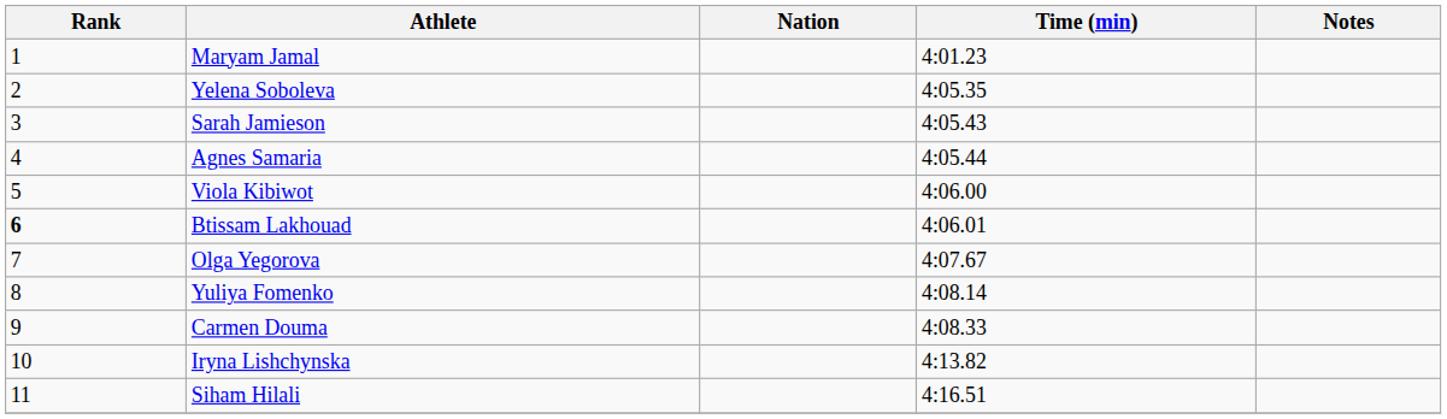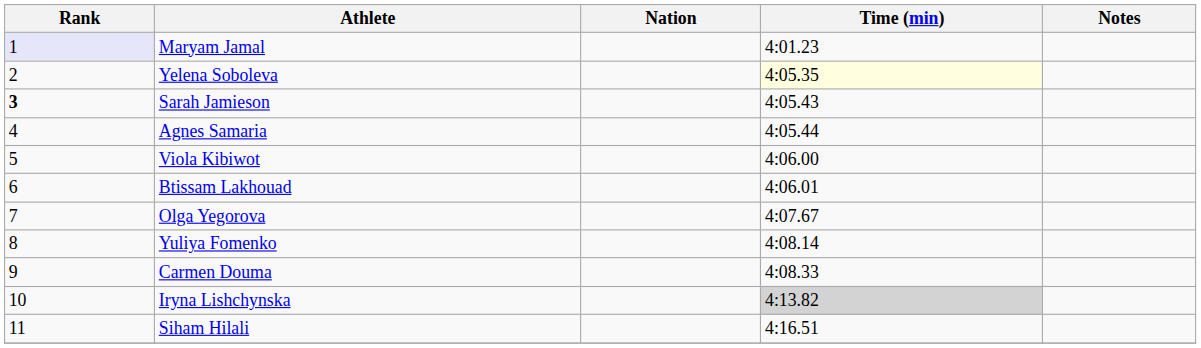 <table class="wikitable" style="text=align:center;" width=85%>
 <tr>
 <th>Rank</th>
 <th>Athlete</th>
 <th>Nation</th>
 <th>Time (<a href='#'>min</a>)</th>
 <th>Notes</th>
 </tr>
 <tr>
-<td>1</td>
+<td style="background: lavender;">1</td>
 <td><a href='#'>Maryam Jamal</a></td>
 <td></td>
 <td>4:01.23</td>
 <td></td>
 </tr>
 <tr>
 <td>2</td>
 <td><a href='#'>Yelena Soboleva</a></td>
 <td></td>
-<td>4:05.35</td>
+<td style="background: lightyellow;">4:05.35</td>
 <td></td>
 </tr>
 <tr>
-<td>3</td>
+<td><strong>3</strong></td>
 <td><a href='#'>Sarah Jamieson</a></td>
 <td></td>
 <td>4:05.43</td>
 <td></td>
 </tr>
 <tr>
 <td>4</td>
 <td><a href='#'>Agnes Samaria</a></td>
 <td></td>
 <td>4:05.44</td>
 <td></td>
 </tr>
 <tr>
 <td>5</td>
 <td><a href='#'>Viola Kibiwot</a></td>
 <td></td>
 <td>4:06.00</td>
 <td></td>
 </tr>
 <tr>
-<td><strong>6</strong></td>
+<td>6</td>
 <td><a href='#'>Btissam Lakhouad</a></td>
 <td></td>
 <td>4:06.01</td>
 <td></td>
 </tr>
 <tr>
 <td>7</td>
 <td><a href='#'>Olga Yegorova</a></td>
 <td></td>
 <td>4:07.67</td>
 <td></td>
 </tr>
 <tr>
 <td>8</td>
 <td><a href='#'>Yuliya Fomenko</a></td>
 <td></td>
 <td>4:08.14</td>
 <td></td>
 </tr>
 <tr>
 <td>9</td>
 <td><a href='#'>Carmen Douma</a></td>
 <td></td>
 <td>4:08.33</td>
 <td></td>
 </tr>
 <tr>
 <td>10</td>
 <td><a href='#'>Iryna Lishchynska</a></td>
 <td></td>
-<td>4:13.82</td>
+<td style="background: lightgrey;">4:13.82</td>
 <td></td>
 </tr>
 <tr>
 <td>11</td>
 <td><a href='#'>Siham Hilali</a></td>
 <td></td>
 <td>4:16.51</td>
 <td></td>
 </tr>
 <tr>
 </tr>
 </table>
